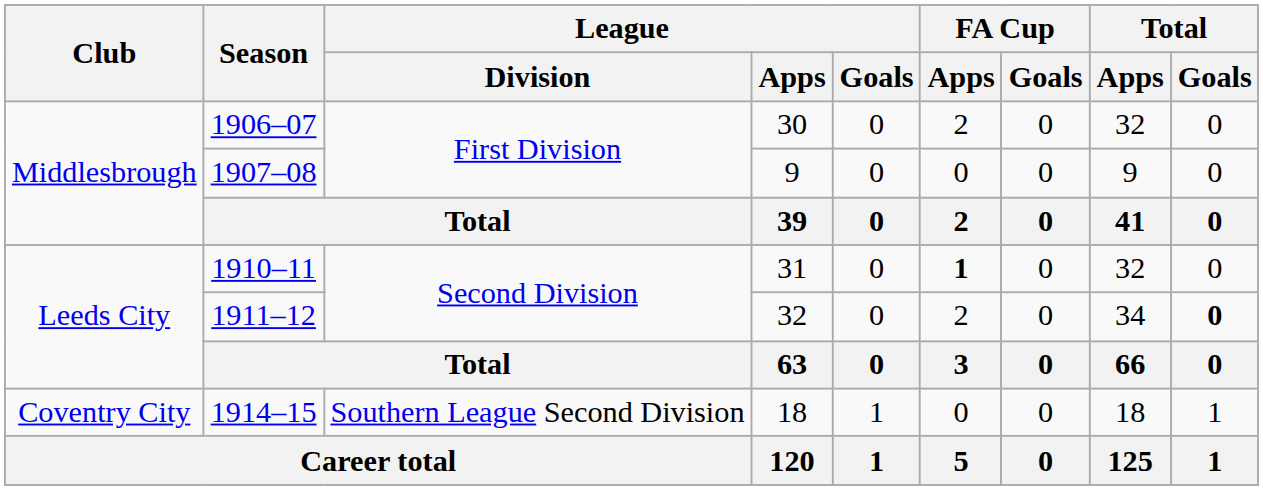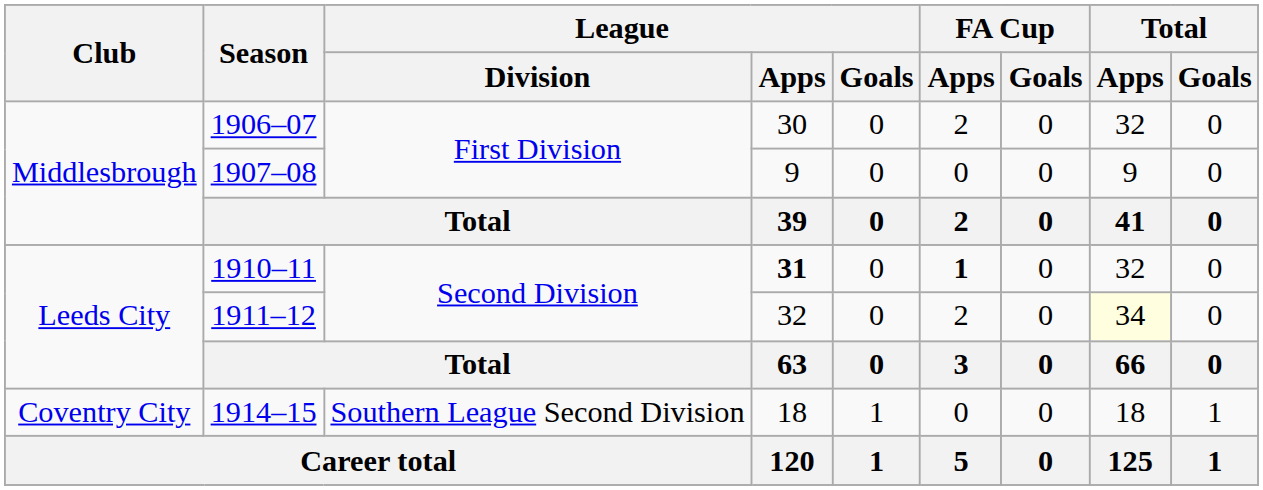 <table class="wikitable" style="text-align: center;">
 <tr>
 <th rowspan="2">Club</th>
 <th rowspan="2">Season</th>
 <th colspan="3">League</th>
 <th colspan="2">FA Cup</th>
 <th colspan="2">Total</th>
 </tr>
 <tr>
 <th>Division</th>
 <th>Apps</th>
 <th>Goals</th>
 <th>Apps</th>
 <th>Goals</th>
 <th>Apps</th>
 <th>Goals</th>
 </tr>
 <tr>
 <td rowspan="3"><a href='#'>Middlesbrough</a></td>
 <td><a href='#'>1906–07</a></td>
 <td rowspan="2"><a href='#'>First Division</a></td>
 <td>30</td>
 <td>0</td>
 <td>2</td>
 <td>0</td>
 <td>32</td>
 <td>0</td>
 </tr>
 <tr>
 <td><a href='#'>1907–08</a></td>
 <td>9</td>
 <td>0</td>
 <td>0</td>
 <td>0</td>
 <td>9</td>
 <td>0</td>
 </tr>
 <tr>
 <th colspan="2">Total</th>
 <th>39</th>
 <th>0</th>
 <th>2</th>
 <th>0</th>
 <th>41</th>
 <th>0</th>
 </tr>
 <tr>
 <td rowspan="3"><a href='#'>Leeds City</a></td>
 <td><a href='#'>1910–11</a></td>
 <td rowspan="2"><a href='#'>Second Division</a></td>
-<td>31</td>
+<td><strong>31</strong></td>
 <td>0</td>
 <td><strong>1</strong></td>
 <td>0</td>
 <td>32</td>
 <td>0</td>
 </tr>
 <tr>
 <td><a href='#'>1911–12</a></td>
 <td>32</td>
 <td>0</td>
 <td>2</td>
 <td>0</td>
-<td>34</td>
-<td><strong>0</strong></td>
+<td style="background: lightyellow;">34</td>
+<td>0</td>
 </tr>
 <tr>
 <th colspan="2">Total</th>
 <th>63</th>
 <th>0</th>
 <th>3</th>
 <th>0</th>
 <th>66</th>
 <th>0</th>
 </tr>
 <tr>
 <td><a href='#'>Coventry City</a></td>
 <td><a href='#'>1914–15</a></td>
 <td><a href='#'>Southern League</a> Second Division</td>
 <td>18</td>
 <td>1</td>
 <td>0</td>
 <td>0</td>
 <td>18</td>
 <td>1</td>
 </tr>
 <tr>
 <th colspan="3">Career total</th>
 <th>120</th>
 <th>1</th>
 <th>5</th>
 <th>0</th>
 <th>125</th>
 <th>1</th>
 </tr>
 </table>
